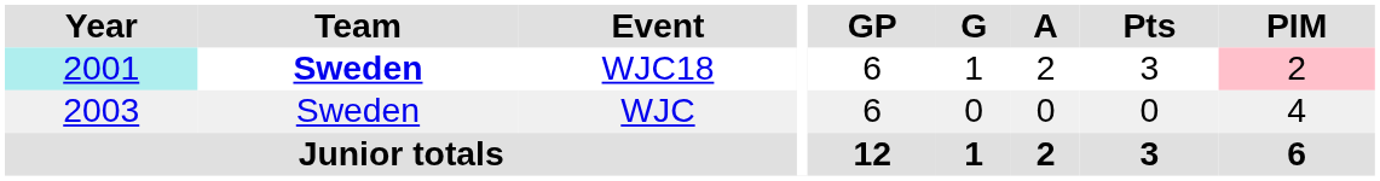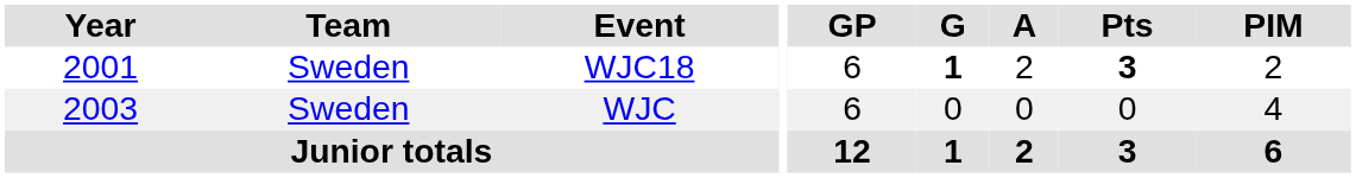 <table border="0" cellpadding="1" cellspacing="0" ID="Table3" style="text-align:center; width:40em">
 <tr ALIGN="center" bgcolor="#e0e0e0">
 <th>Year</th>
 <th>Team</th>
 <th>Event</th>
 <th rowspan="99" bgcolor="#ffffff"></th>
 <th>GP</th>
 <th>G</th>
 <th>A</th>
 <th>Pts</th>
 <th>PIM</th>
 </tr>
 <tr>
-<td style="background: paleturquoise;"><a href='#'>2001</a></td>
-<td><strong><a href='#'>Sweden</a></strong></td>
+<td><a href='#'>2001</a></td>
+<td><a href='#'>Sweden</a></td>
 <td><a href='#'>WJC18</a></td>
 <td>6</td>
-<td>1</td>
+<td><strong>1</strong></td>
 <td>2</td>
-<td>3</td>
-<td style="background: pink;">2</td>
+<td><strong>3</strong></td>
+<td>2</td>
 </tr>
 <tr bgcolor="#f0f0f0">
 <td><a href='#'>2003</a></td>
 <td><a href='#'>Sweden</a></td>
 <td><a href='#'>WJC</a></td>
 <td>6</td>
 <td>0</td>
 <td>0</td>
 <td>0</td>
 <td>4</td>
 </tr>
 <tr bgcolor="#e0e0e0">
 <th colspan="3">Junior totals</th>
 <th>12</th>
 <th>1</th>
 <th>2</th>
 <th>3</th>
 <th>6</th>
 </tr>
 </table>
